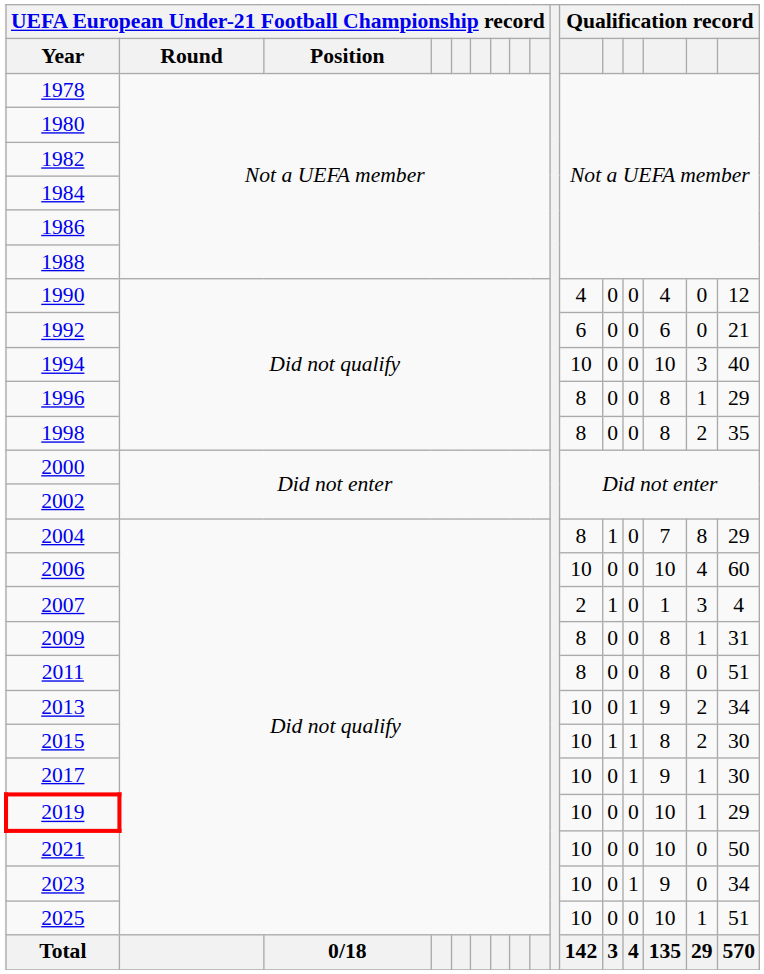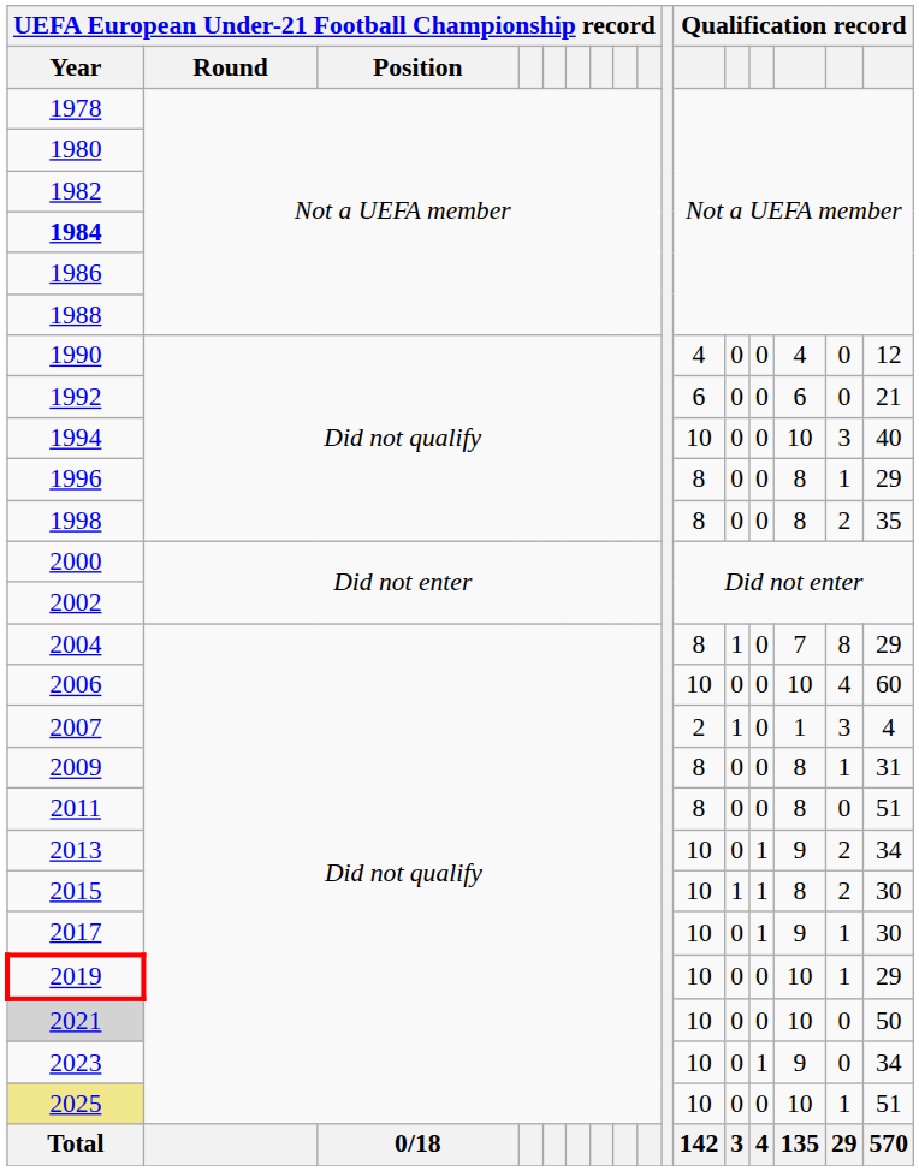 <table class="wikitable" style="text-align: center;">
 <tr>
 <th colspan=9><a href='#'>UEFA European Under-21 Football Championship</a> record</th>
 <th rowspan=35></th>
 <th colspan=6>Qualification record</th>
 </tr>
 <tr>
 <th>Year</th>
 <th>Round</th>
 <th>Position</th>
 <th></th>
 <th></th>
 <th></th>
 <th></th>
 <th></th>
 <th></th>
 <th></th>
 <th></th>
 <th></th>
 <th></th>
 <th></th>
 <th></th>
 </tr>
 <tr>
 <td> <a href='#'>1978</a></td>
 <td rowspan=6 colspan=8><em>Not a UEFA member</em></td>
 <td rowspan=6 colspan=6><em>Not a UEFA member</em></td>
 </tr>
 <tr>
 <td> <a href='#'>1980</a></td>
 </tr>
 <tr>
 <td> <a href='#'>1982</a></td>
 </tr>
 <tr>
-<td> <a href='#'>1984</a></td>
+<td><strong> <a href='#'>1984</a></strong></td>
 </tr>
 <tr>
 <td> <a href='#'>1986</a></td>
 </tr>
 <tr>
 <td> <a href='#'>1988</a></td>
 </tr>
 <tr>
 <td> <a href='#'>1990</a></td>
 <td rowspan=5 colspan=8><em>Did not qualify</em></td>
 <td>4</td>
 <td>0</td>
 <td>0</td>
 <td>4</td>
 <td>0</td>
 <td>12</td>
 </tr>
 <tr>
 <td> <a href='#'>1992</a></td>
 <td>6</td>
 <td>0</td>
 <td>0</td>
 <td>6</td>
 <td>0</td>
 <td>21</td>
 </tr>
 <tr>
 <td> <a href='#'>1994</a></td>
 <td>10</td>
 <td>0</td>
 <td>0</td>
 <td>10</td>
 <td>3</td>
 <td>40</td>
 </tr>
 <tr>
 <td> <a href='#'>1996</a></td>
 <td>8</td>
 <td>0</td>
 <td>0</td>
 <td>8</td>
 <td>1</td>
 <td>29</td>
 </tr>
 <tr>
 <td> <a href='#'>1998</a></td>
 <td>8</td>
 <td>0</td>
 <td>0</td>
 <td>8</td>
 <td>2</td>
 <td>35</td>
 </tr>
 <tr>
 <td> <a href='#'>2000</a></td>
 <td rowspan=2 colspan=8><em>Did not enter</em></td>
 <td rowspan=2 colspan=6><em>Did not enter</em></td>
 </tr>
 <tr>
 <td> <a href='#'>2002</a></td>
 </tr>
 <tr>
 <td> <a href='#'>2004</a></td>
 <td rowspan=12 colspan=8><em>Did not qualify</em></td>
 <td>8</td>
 <td>1</td>
 <td>0</td>
 <td>7</td>
 <td>8</td>
 <td>29</td>
 </tr>
 <tr>
 <td> <a href='#'>2006</a></td>
 <td>10</td>
 <td>0</td>
 <td>0</td>
 <td>10</td>
 <td>4</td>
 <td>60</td>
 </tr>
 <tr>
 <td> <a href='#'>2007</a></td>
 <td>2</td>
 <td>1</td>
 <td>0</td>
 <td>1</td>
 <td>3</td>
 <td>4</td>
 </tr>
 <tr>
 <td> <a href='#'>2009</a></td>
 <td>8</td>
 <td>0</td>
 <td>0</td>
 <td>8</td>
 <td>1</td>
 <td>31</td>
 </tr>
 <tr>
 <td> <a href='#'>2011</a></td>
 <td>8</td>
 <td>0</td>
 <td>0</td>
 <td>8</td>
 <td>0</td>
 <td>51</td>
 </tr>
 <tr>
 <td> <a href='#'>2013</a></td>
 <td>10</td>
 <td>0</td>
 <td>1</td>
 <td>9</td>
 <td>2</td>
 <td>34</td>
 </tr>
 <tr>
 <td> <a href='#'>2015</a></td>
 <td>10</td>
 <td>1</td>
 <td>1</td>
 <td>8</td>
 <td>2</td>
 <td>30</td>
 </tr>
 <tr>
 <td> <a href='#'>2017</a></td>
 <td>10</td>
 <td>0</td>
 <td>1</td>
 <td>9</td>
 <td>1</td>
 <td>30</td>
 </tr>
 <tr>
 <td style="border: 3px solid red">  <a href='#'>2019</a></td>
 <td>10</td>
 <td>0</td>
 <td>0</td>
 <td>10</td>
 <td>1</td>
 <td>29</td>
 </tr>
 <tr>
-<td>  <a href='#'>2021</a></td>
+<td style="background: lightgrey;">  <a href='#'>2021</a></td>
 <td>10</td>
 <td>0</td>
 <td>0</td>
 <td>10</td>
 <td>0</td>
 <td>50</td>
 </tr>
 <tr>
 <td>  <a href='#'>2023</a></td>
 <td>10</td>
 <td>0</td>
 <td>1</td>
 <td>9</td>
 <td>0</td>
 <td>34</td>
 </tr>
 <tr>
-<td> <a href='#'>2025</a></td>
+<td style="background: khaki;"> <a href='#'>2025</a></td>
 <td>10</td>
 <td>0</td>
 <td>0</td>
 <td>10</td>
 <td>1</td>
 <td>51</td>
 </tr>
 <tr>
 <th>Total</th>
 <th></th>
 <th>0/18</th>
 <th></th>
 <th></th>
 <th></th>
 <th></th>
 <th></th>
 <th></th>
 <th>142</th>
 <th>3</th>
 <th>4</th>
 <th>135</th>
 <th>29</th>
 <th>570</th>
 </tr>
 </table>
